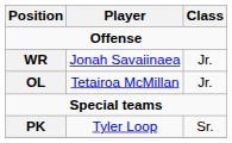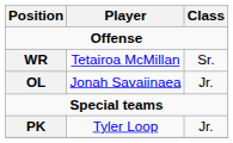 <table class="wikitable">
 <tr>
 <th>Position</th>
 <th>Player</th>
 <th>Class</th>
 </tr>
 <tr>
 <td colspan="3" style="text-align:center; "><strong>Offense</strong></td>
 </tr>
 <tr style="text-align:center;">
 <th rowspan="1">WR</th>
-<td><a href='#'>Jonah Savaiinaea</a></td>
-<td>Jr.</td>
+<td><a href='#'>Tetairoa McMillan</a></td>
+<td>Sr.</td>
 </tr>
 <tr style="text-align:center;">
 <th rowspan="1">OL</th>
-<td><a href='#'>Tetairoa McMillan</a></td>
+<td><a href='#'>Jonah Savaiinaea</a></td>
 <td>Jr.</td>
 </tr>
 <tr>
 <td colspan="4" style="text-align:center; "><strong>Special teams</strong></td>
 </tr>
 <tr style="text-align:center;">
 <th rowspan="1">PK</th>
 <td><a href='#'>Tyler Loop</a></td>
-<td>Sr.</td>
+<td>Jr.</td>
 </tr>
 <tr>
 </tr>
 </table>
